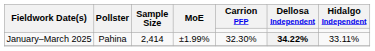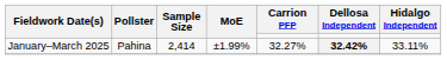 <table class="wikitable" style="text-align:center;font-size:90%;line-height:15px">
 <tr>
 <th rowspan="2">Fieldwork Date(s)</th>
 <th rowspan="2">Pollster</th>
 <th rowspan="2" style="width:60px;">Sample Size</th>
 <th rowspan="2" style="width:60px;">MoE</th>
 <th style="width:75px;">Carrion<br><small><a href='#'>PFP</a></small></th>
 <th style="width:75px;">Dellosa<br><small><a href='#'>Independent</a></small></th>
 <th style="width:75px;">Hidalgo<br><small><a href='#'>Independent</a></small></th>
 </tr>
 <tr>
 <td style="background:"></td>
 <td style="background:"></td>
 <td style="background:"></td>
 </tr>
 <tr>
 <td>January–March 2025</td>
 <td>Pahina</td>
 <td>2,414</td>
 <td>±1.99%</td>
-<td>32.30%</td>
-<th style="background-color:#">34.22%</th>
+<td>32.27%</td>
+<th style="background-color:#">32.42%</th>
 <td>33.11%</td>
 </tr>
 <tr>
 </tr>
 </table>
